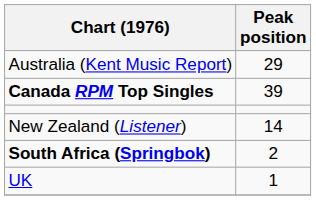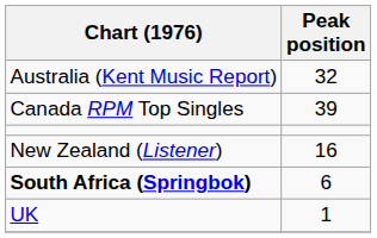 <table class="wikitable sortable">
 <tr>
 <th>Chart (1976)</th>
 <th>Peak<br>position</th>
 </tr>
 <tr>
 <td>Australia (<a href='#'>Kent Music Report</a>)</td>
-<td style="text-align:center;">29</td>
+<td style="text-align:center;">32</td>
 </tr>
 <tr>
-<td><strong>Canada <em><a href='#'>RPM</a></em> Top Singles</strong></td>
+<td>Canada <em><a href='#'>RPM</a></em> Top Singles</td>
 <td style="text-align:center;">39</td>
 </tr>
 <tr>
 <td></td>
 </tr>
 <tr>
 <td>New Zealand (<em><a href='#'>Listener</a></em>)</td>
-<td style="text-align:center;">14</td>
+<td style="text-align:center;">16</td>
 </tr>
 <tr>
 <td><strong>South Africa (<a href='#'>Springbok</a>)</strong></td>
-<td align="center">2</td>
+<td align="center">6</td>
 </tr>
 <tr>
 <td><a href='#'>UK</a></td>
 <td style="text-align:center;">1</td>
 </tr>
 <tr>
 </tr>
 </table>
